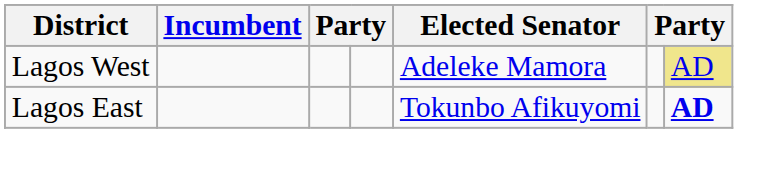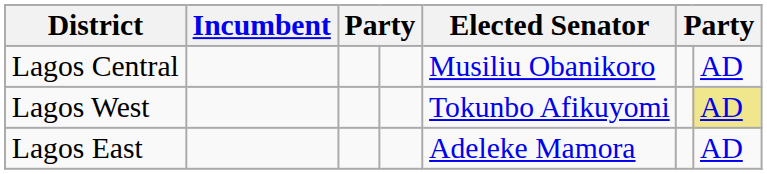 <table class="sortable wikitable" style="font-size:95%;line-height:14px;">
 <tr>
 <th class="unsortable">District</th>
 <th class="unsortable"><a href='#'>Incumbent</a></th>
 <th colspan="2">Party</th>
 <th class="unsortable">Elected Senator</th>
 <th colspan="2">Party</th>
 </tr>
 <tr>
+<td>Lagos Central</td>
+<td></td>
+<td></td>
+<td></td>
+<td><a href='#'>Musiliu Obanikoro</a></td>
+<td style="background:"></td>
+<td><a href='#'>AD</a></td>
+</tr>
+<tr>
 <td>Lagos West</td>
 <td></td>
 <td></td>
 <td></td>
-<td><a href='#'>Adeleke Mamora</a></td>
+<td><a href='#'>Tokunbo Afikuyomi</a></td>
 <td style="background:"></td>
 <td style="background: khaki;"><a href='#'>AD</a></td>
 </tr>
 <tr>
 <td>Lagos East</td>
 <td></td>
 <td></td>
 <td></td>
-<td><a href='#'>Tokunbo Afikuyomi</a></td>
+<td><a href='#'>Adeleke Mamora</a></td>
 <td style="background:"></td>
-<td><strong><a href='#'>AD</a></strong></td>
+<td><a href='#'>AD</a></td>
 </tr>
 </table>
